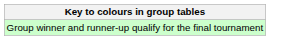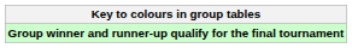 <table class="wikitable">
 <tr>
 <th>Key to colours in group tables</th>
 </tr>
 <tr bgcolor=ccffcc>
-<td>Group winner and runner-up qualify for the final tournament</td>
+<td><strong>Group winner and runner-up qualify for the final tournament</strong></td>
 </tr>
 </table>
